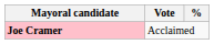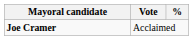 <table class="wikitable">
 <tr>
 <th width="200px">Mayoral candidate</th>
 <th width="50px">Vote</th>
 <th width="30px">%</th>
 </tr>
 <tr>
-<td style="background: pink;"><strong>Joe Cramer</strong> </td>
+<td><strong>Joe Cramer</strong> </td>
 <td colspan="2">Acclaimed</td>
 </tr>
 </table>
